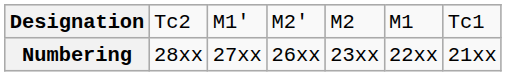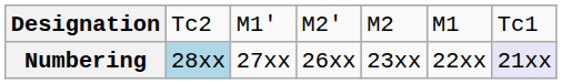 <table class="wikitable">
 <tr>
 <th>Designation</th>
 <td>Tc2</td>
 <td>M1'</td>
 <td>M2'</td>
 <td>M2</td>
 <td>M1</td>
 <td>Tc1</td>
 </tr>
 <tr>
 <th>Numbering</th>
-<td>28xx</td>
+<td style="background: lightblue;">28xx</td>
 <td>27xx</td>
 <td>26xx</td>
 <td>23xx</td>
 <td>22xx</td>
-<td>21xx</td>
+<td style="background: lavender;">21xx</td>
 </tr>
 </table>
